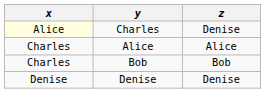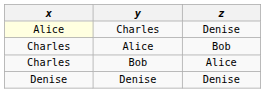 <table class="wikitable" style="width: 25em; margin: 0.5em auto; text-align: center;">
 <tr>
 <th><em>x</em></th>
 <th><em>y</em></th>
 <th><em>z</em></th>
 </tr>
 <tr>
 <td style="background: lightyellow;">Alice</td>
 <td>Charles</td>
 <td>Denise</td>
 </tr>
 <tr>
 <td>Charles</td>
 <td>Alice</td>
-<td>Alice</td>
+<td>Bob</td>
 </tr>
 <tr>
 <td>Charles</td>
 <td>Bob</td>
-<td>Bob</td>
+<td>Alice</td>
 </tr>
 <tr>
 <td>Denise</td>
 <td>Denise</td>
 <td>Denise</td>
 </tr>
 </table>
